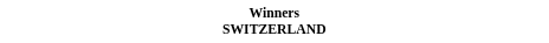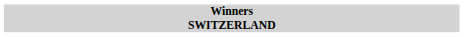 <table cellspacing=0 width=100%>
 <tr>
 <td align=center></td>
 </tr>
 <tr>
-<td align=center><strong>Winners<br>SWITZERLAND</strong></td>
+<td align=center style="background: lightgrey;"><strong>Winners<br>SWITZERLAND</strong></td>
 </tr>
 </table>
